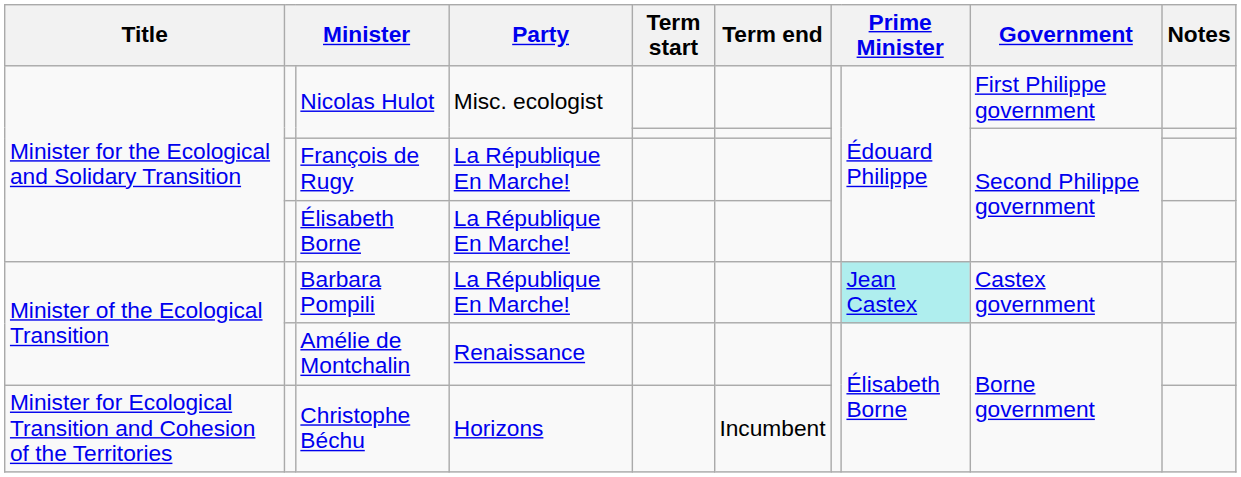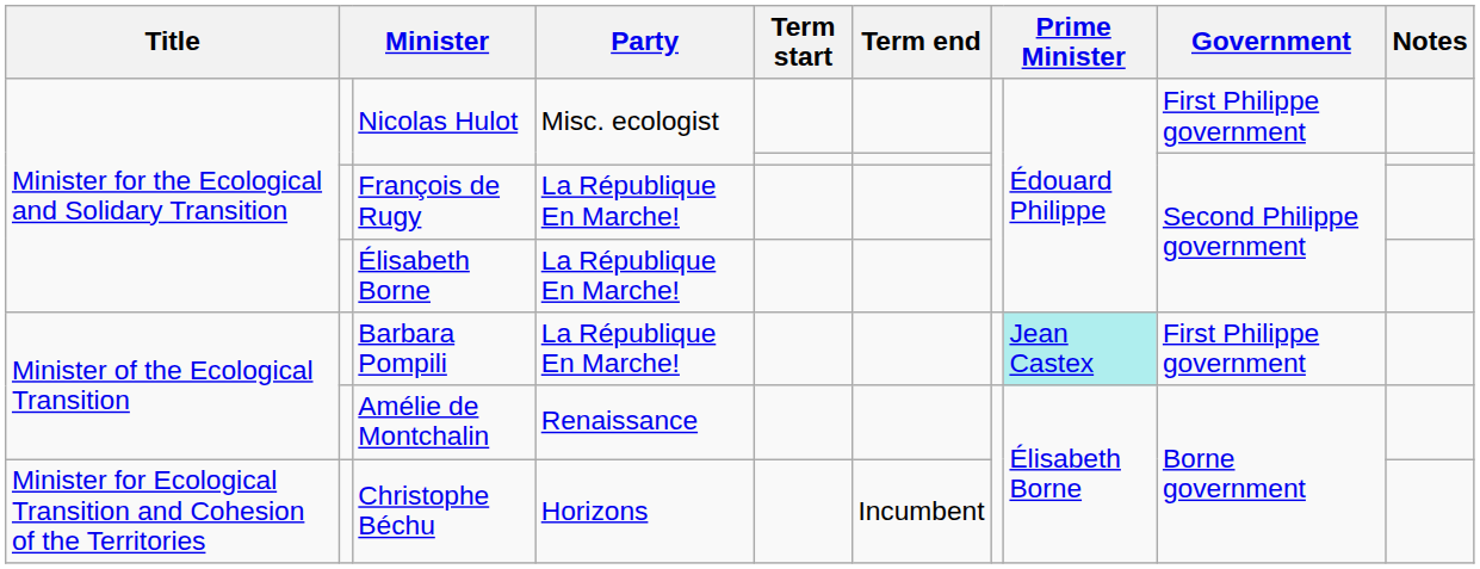 <table class="wikitable sortable">
 <tr>
 <th>Title</th>
 <th colspan=2><a href='#'>Minister</a></th>
 <th><a href='#'>Party</a></th>
 <th>Term start</th>
 <th>Term end</th>
 <th colspan=2><a href='#'>Prime Minister</a></th>
 <th><a href='#'>Government</a></th>
 <th class="unsortable">Notes</th>
 </tr>
 <tr>
 <td rowspan=4><a href='#'>Minister for the Ecological and Solidary Transition</a></td>
 <td rowspan=2 bgcolor=></td>
 <td rowspan=2><a href='#'>Nicolas Hulot</a></td>
 <td rowspan=2>Misc. ecologist</td>
 <td></td>
 <td></td>
 <td rowspan=4 bgcolor=></td>
 <td rowspan=4><a href='#'>Édouard Philippe</a></td>
 <td><a href='#'>First Philippe government</a></td>
 <td></td>
 </tr>
 <tr>
 <td></td>
 <td></td>
 <td rowspan=3><a href='#'>Second Philippe government</a></td>
 <td></td>
 </tr>
 <tr>
 <td style="color:inherit;background:"></td>
 <td><a href='#'>François de Rugy</a></td>
 <td><a href='#'>La République En Marche!</a></td>
 <td></td>
 <td></td>
 <td></td>
 </tr>
 <tr>
 <td style="color:inherit;background:"></td>
 <td><a href='#'>Élisabeth Borne</a></td>
 <td><a href='#'>La République En Marche!</a></td>
 <td></td>
 <td></td>
 <td></td>
 </tr>
 <tr>
 <td rowspan=2><a href='#'>Minister of the Ecological Transition</a></td>
 <td style="color:inherit;background:"></td>
 <td><a href='#'>Barbara Pompili</a></td>
 <td><a href='#'>La République En Marche!</a></td>
 <td></td>
 <td></td>
 <td style="color:inherit;background:"></td>
 <td style="background: paleturquoise;"><a href='#'>Jean Castex</a></td>
-<td><a href='#'>Castex government</a></td>
+<td><a href='#'>First Philippe government</a></td>
 <td></td>
 </tr>
 <tr>
 <td style="color:inherit;background:"></td>
 <td><a href='#'>Amélie de Montchalin</a></td>
 <td><a href='#'>Renaissance</a></td>
 <td></td>
 <td></td>
 <td rowspan=2 bgcolor=></td>
 <td rowspan=2><a href='#'>Élisabeth Borne</a></td>
 <td rowspan=2><a href='#'>Borne government</a></td>
 <td></td>
 </tr>
 <tr>
 <td><a href='#'>Minister for Ecological Transition and Cohesion of the Territories</a></td>
 <td style="color:inherit;background:"></td>
 <td><a href='#'>Christophe Béchu</a></td>
 <td><a href='#'>Horizons</a></td>
 <td></td>
 <td>Incumbent</td>
 <td></td>
 </tr>
 </table>
